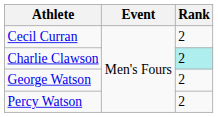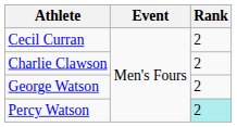 <table class="wikitable">
 <tr>
 <th>Athlete</th>
 <th>Event</th>
 <th>Rank</th>
 </tr>
 <tr>
 <td><a href='#'>Cecil Curran</a></td>
 <td rowspan="4">Men's Fours</td>
 <td>2</td>
 </tr>
 <tr>
 <td><a href='#'>Charlie Clawson</a></td>
-<td style="background: paleturquoise;">2</td>
+<td>2</td>
 </tr>
 <tr>
 <td><a href='#'>George Watson</a></td>
 <td>2</td>
 </tr>
 <tr>
 <td><a href='#'>Percy Watson</a></td>
-<td>2</td>
+<td style="background: paleturquoise;">2</td>
 </tr>
 </table>
